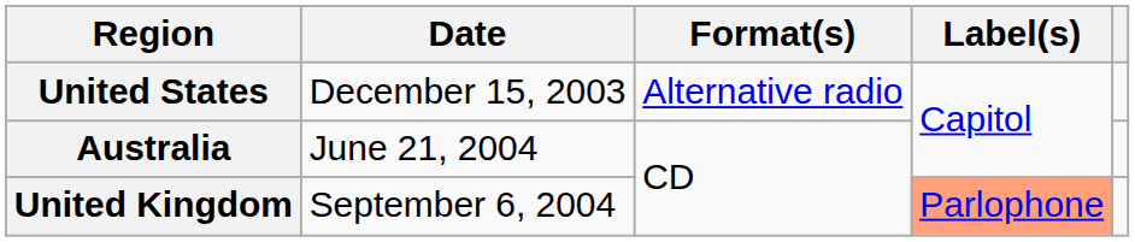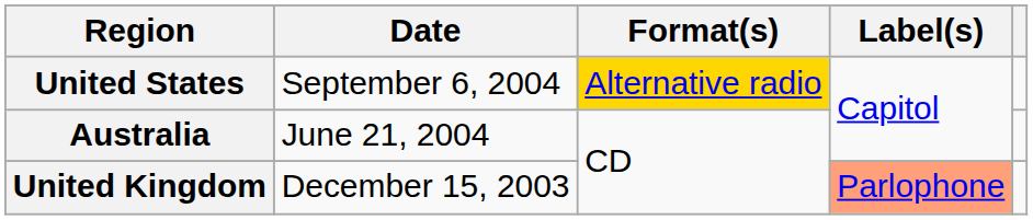 <table class="wikitable plainrowheaders">
 <tr>
 <th scope="col">Region</th>
 <th scope="col">Date</th>
 <th scope="col">Format(s)</th>
 <th scope="col">Label(s)</th>
 <th scope="col"></th>
 </tr>
 <tr>
 <th scope="row">United States</th>
-<td>December 15, 2003</td>
-<td><a href='#'>Alternative radio</a></td>
+<td>September 6, 2004</td>
+<td style="background: gold;"><a href='#'>Alternative radio</a></td>
 <td rowspan="2"><a href='#'>Capitol</a></td>
 <td></td>
 </tr>
 <tr>
 <th scope="row">Australia</th>
 <td>June 21, 2004</td>
 <td rowspan="2">CD</td>
 <td></td>
 </tr>
 <tr>
 <th scope="row">United Kingdom</th>
-<td>September 6, 2004</td>
+<td>December 15, 2003</td>
 <td style="background: lightsalmon;"><a href='#'>Parlophone</a></td>
 <td></td>
 </tr>
 </table>
